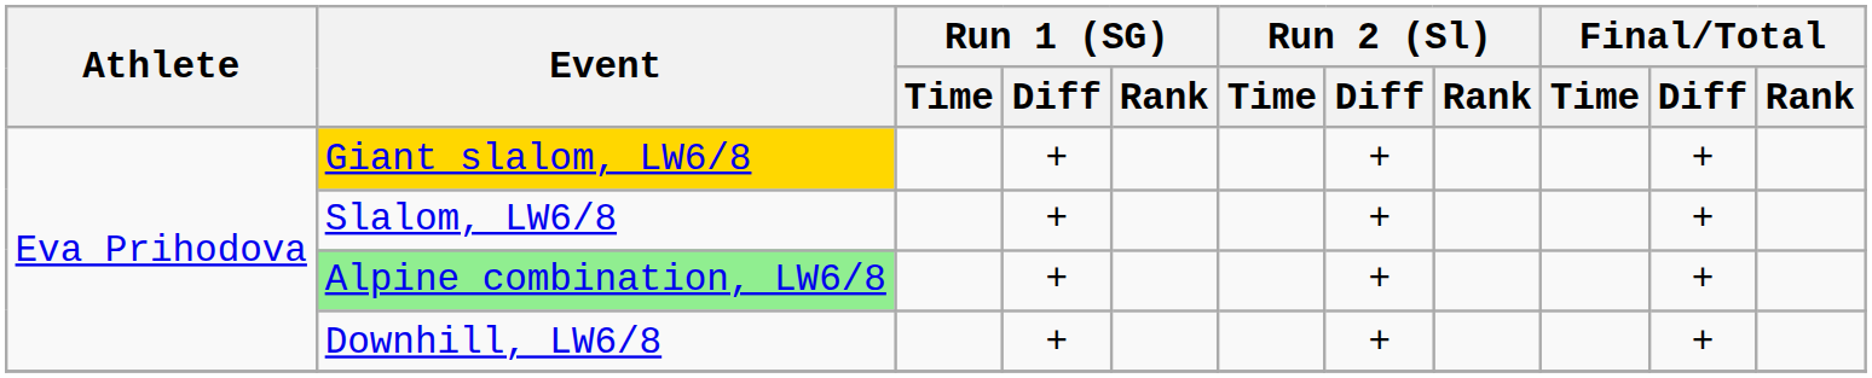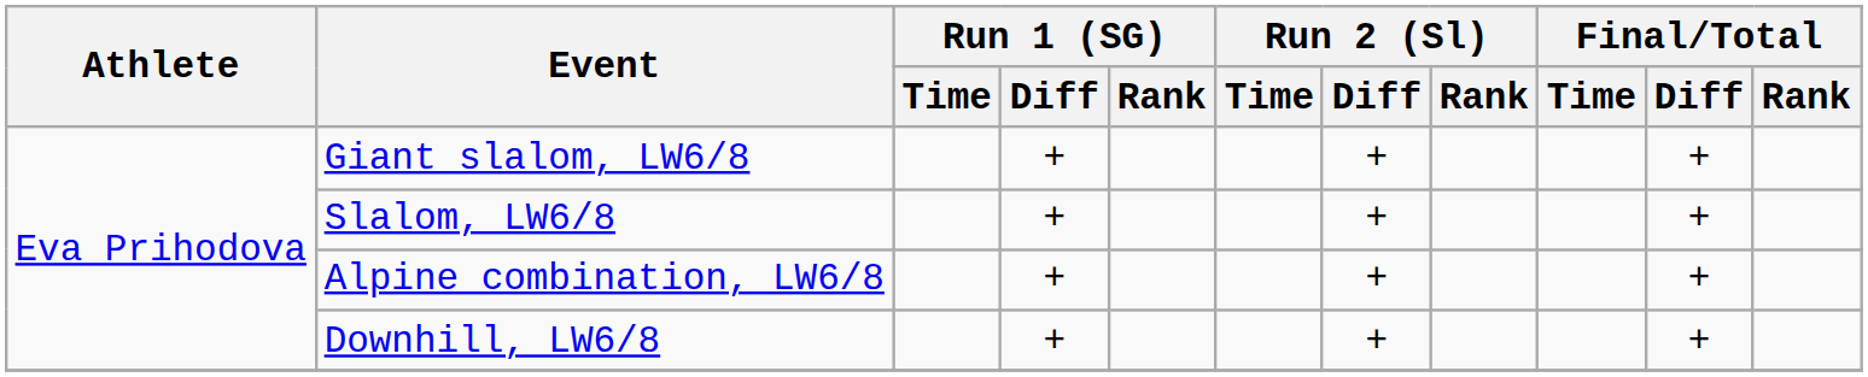 <table class="wikitable" style="font-size:100%">
 <tr>
 <th rowspan="2">Athlete</th>
 <th rowspan="2">Event</th>
 <th colspan="3">Run 1 (SG)</th>
 <th colspan="3">Run 2 (Sl)</th>
 <th colspan="3">Final/Total</th>
 </tr>
 <tr>
 <th>Time</th>
 <th>Diff</th>
 <th>Rank</th>
 <th>Time</th>
 <th>Diff</th>
 <th>Rank</th>
 <th>Time</th>
 <th>Diff</th>
 <th>Rank</th>
 </tr>
 <tr>
 <td rowspan=4><a href='#'>Eva Prihodova</a></td>
-<td style="background: gold;"><a href='#'>Giant slalom, LW6/8</a></td>
+<td><a href='#'>Giant slalom, LW6/8</a></td>
 <td align="center"></td>
 <td align="center">+</td>
 <td align="center"></td>
 <td align="center"></td>
 <td align="center">+</td>
 <td align="center"></td>
 <td align="center"></td>
 <td align="center">+</td>
 <td colspan="3" align="center"></td>
 </tr>
 <tr>
 <td><a href='#'>Slalom, LW6/8</a></td>
 <td align="center"></td>
 <td align="center">+</td>
 <td align="center"></td>
 <td align="center"></td>
 <td align="center">+</td>
 <td align="center"></td>
 <td align="center"></td>
 <td align="center">+</td>
 <td colspan="3" align="center"></td>
 </tr>
 <tr>
-<td style="background: lightgreen;"><a href='#'>Alpine combination, LW6/8</a></td>
+<td><a href='#'>Alpine combination, LW6/8</a></td>
 <td align="center"></td>
 <td align="center">+</td>
 <td align="center"></td>
 <td align="center"></td>
 <td align="center">+</td>
 <td align="center"></td>
 <td align="center"></td>
 <td align="center">+</td>
 <td colspan="3" align="center"></td>
 </tr>
 <tr>
 <td><a href='#'>Downhill, LW6/8</a></td>
 <td align="center"></td>
 <td align="center">+</td>
 <td align="center"></td>
 <td align="center"></td>
 <td align="center">+</td>
 <td align="center"></td>
 <td align="center"></td>
 <td align="center">+</td>
 <td colspan="3" align="center"></td>
 </tr>
 <tr>
 </tr>
 </table>
